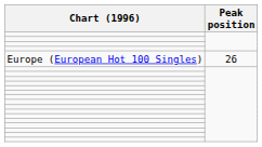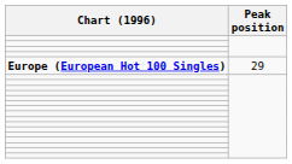 <table class="wikitable sortable">
 <tr>
 <th>Chart (1996)</th>
 <th>Peak<br>position</th>
 </tr>
 <tr>
 <td></td>
 </tr>
 <tr>
 <td></td>
 </tr>
 <tr>
 <td></td>
 </tr>
 <tr>
 <td></td>
 </tr>
 <tr>
-<td>Europe (<a href='#'>European Hot 100 Singles</a>)</td>
-<td align="center">26</td>
+<td><strong>Europe (<a href='#'>European Hot 100 Singles</a>)</strong></td>
+<td align="center">29</td>
 </tr>
 <tr>
 <td></td>
 </tr>
 <tr>
 <td></td>
 </tr>
 <tr>
 <td></td>
 </tr>
 <tr>
 <td></td>
 </tr>
 <tr>
 <td></td>
 </tr>
 <tr>
 <td></td>
 </tr>
 <tr>
 <td></td>
 </tr>
 <tr>
 <td></td>
 </tr>
 <tr>
 <td></td>
 </tr>
 <tr>
 <td></td>
 </tr>
 <tr>
 <td></td>
 </tr>
 <tr>
 <td></td>
 </tr>
 <tr>
 <td></td>
 </tr>
 <tr>
 <td></td>
 </tr>
 <tr>
 <td></td>
 </tr>
 <tr>
 <td></td>
 </tr>
 </table>
